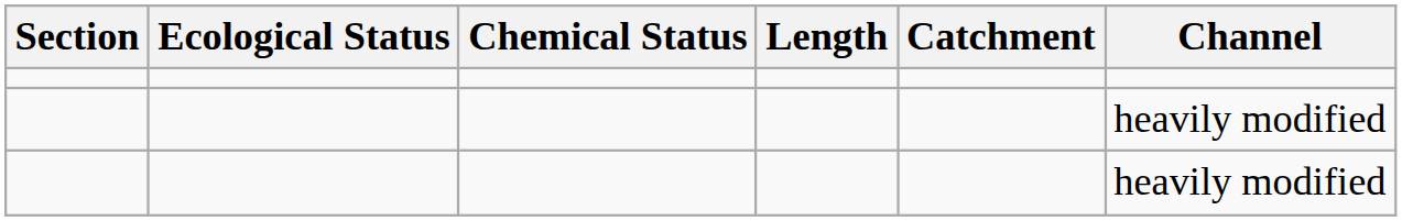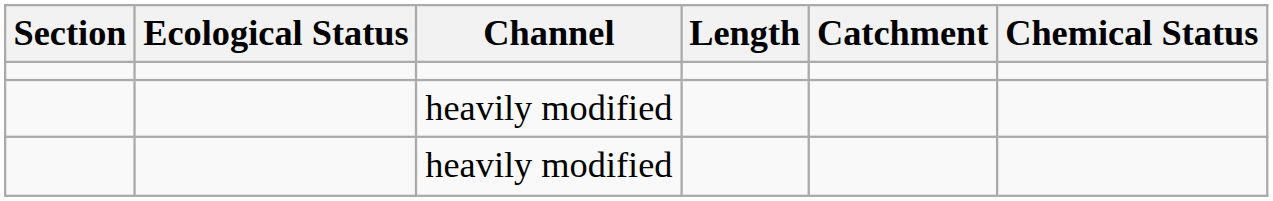 <table class="wikitable">
 <tr>
 <th>Section</th>
 <th>Ecological Status</th>
-<th>Chemical Status</th>
+<th>Channel</th>
 <th>Length</th>
 <th>Catchment</th>
-<th>Channel</th>
+<th>Chemical Status</th>
 </tr>
 <tr>
 <td></td>
 <td></td>
 <td></td>
 <td></td>
 <td></td>
 <td></td>
 </tr>
 <tr>
 <td></td>
 <td></td>
+<td>heavily modified</td>
 <td></td>
 <td></td>
 <td></td>
-<td>heavily modified</td>
 </tr>
 <tr>
 <td></td>
 <td></td>
+<td>heavily modified</td>
 <td></td>
 <td></td>
 <td></td>
-<td>heavily modified</td>
 </tr>
 </table>
